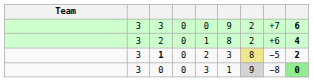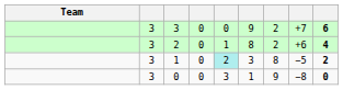 <table class="wikitable" style="text-align: center; font-size:90% ">
 <tr>
 <th width=160>Team</th>
 <th width=25></th>
 <th width=25></th>
 <th width=25></th>
 <th width=25></th>
 <th width=25></th>
 <th width=25></th>
 <th width=25></th>
 <th width=25></th>
 </tr>
 <tr bgcolor=ccffcc>
 <td align=left></td>
 <td>3</td>
 <td>3</td>
 <td>0</td>
 <td>0</td>
 <td>9</td>
 <td>2</td>
 <td>+7</td>
 <td><strong>6</strong></td>
 </tr>
 <tr bgcolor=ccffcc>
 <td align=left></td>
 <td>3</td>
 <td>2</td>
 <td>0</td>
 <td>1</td>
 <td>8</td>
 <td>2</td>
 <td>+6</td>
 <td><strong>4</strong></td>
 </tr>
 <tr>
 <td align=left></td>
 <td>3</td>
-<td><strong>1</strong></td>
+<td>1</td>
 <td>0</td>
-<td>2</td>
+<td style="background: paleturquoise;">2</td>
 <td>3</td>
-<td style="background: khaki;">8</td>
+<td>8</td>
 <td>−5</td>
 <td><strong>2</strong></td>
 </tr>
 <tr>
 <td align=left></td>
 <td>3</td>
 <td>0</td>
 <td>0</td>
 <td>3</td>
 <td>1</td>
-<td style="background: lightgrey;">9</td>
+<td>9</td>
 <td>−8</td>
-<td style="background: lightgreen;"><strong>0</strong></td>
+<td><strong>0</strong></td>
 </tr>
 </table>
